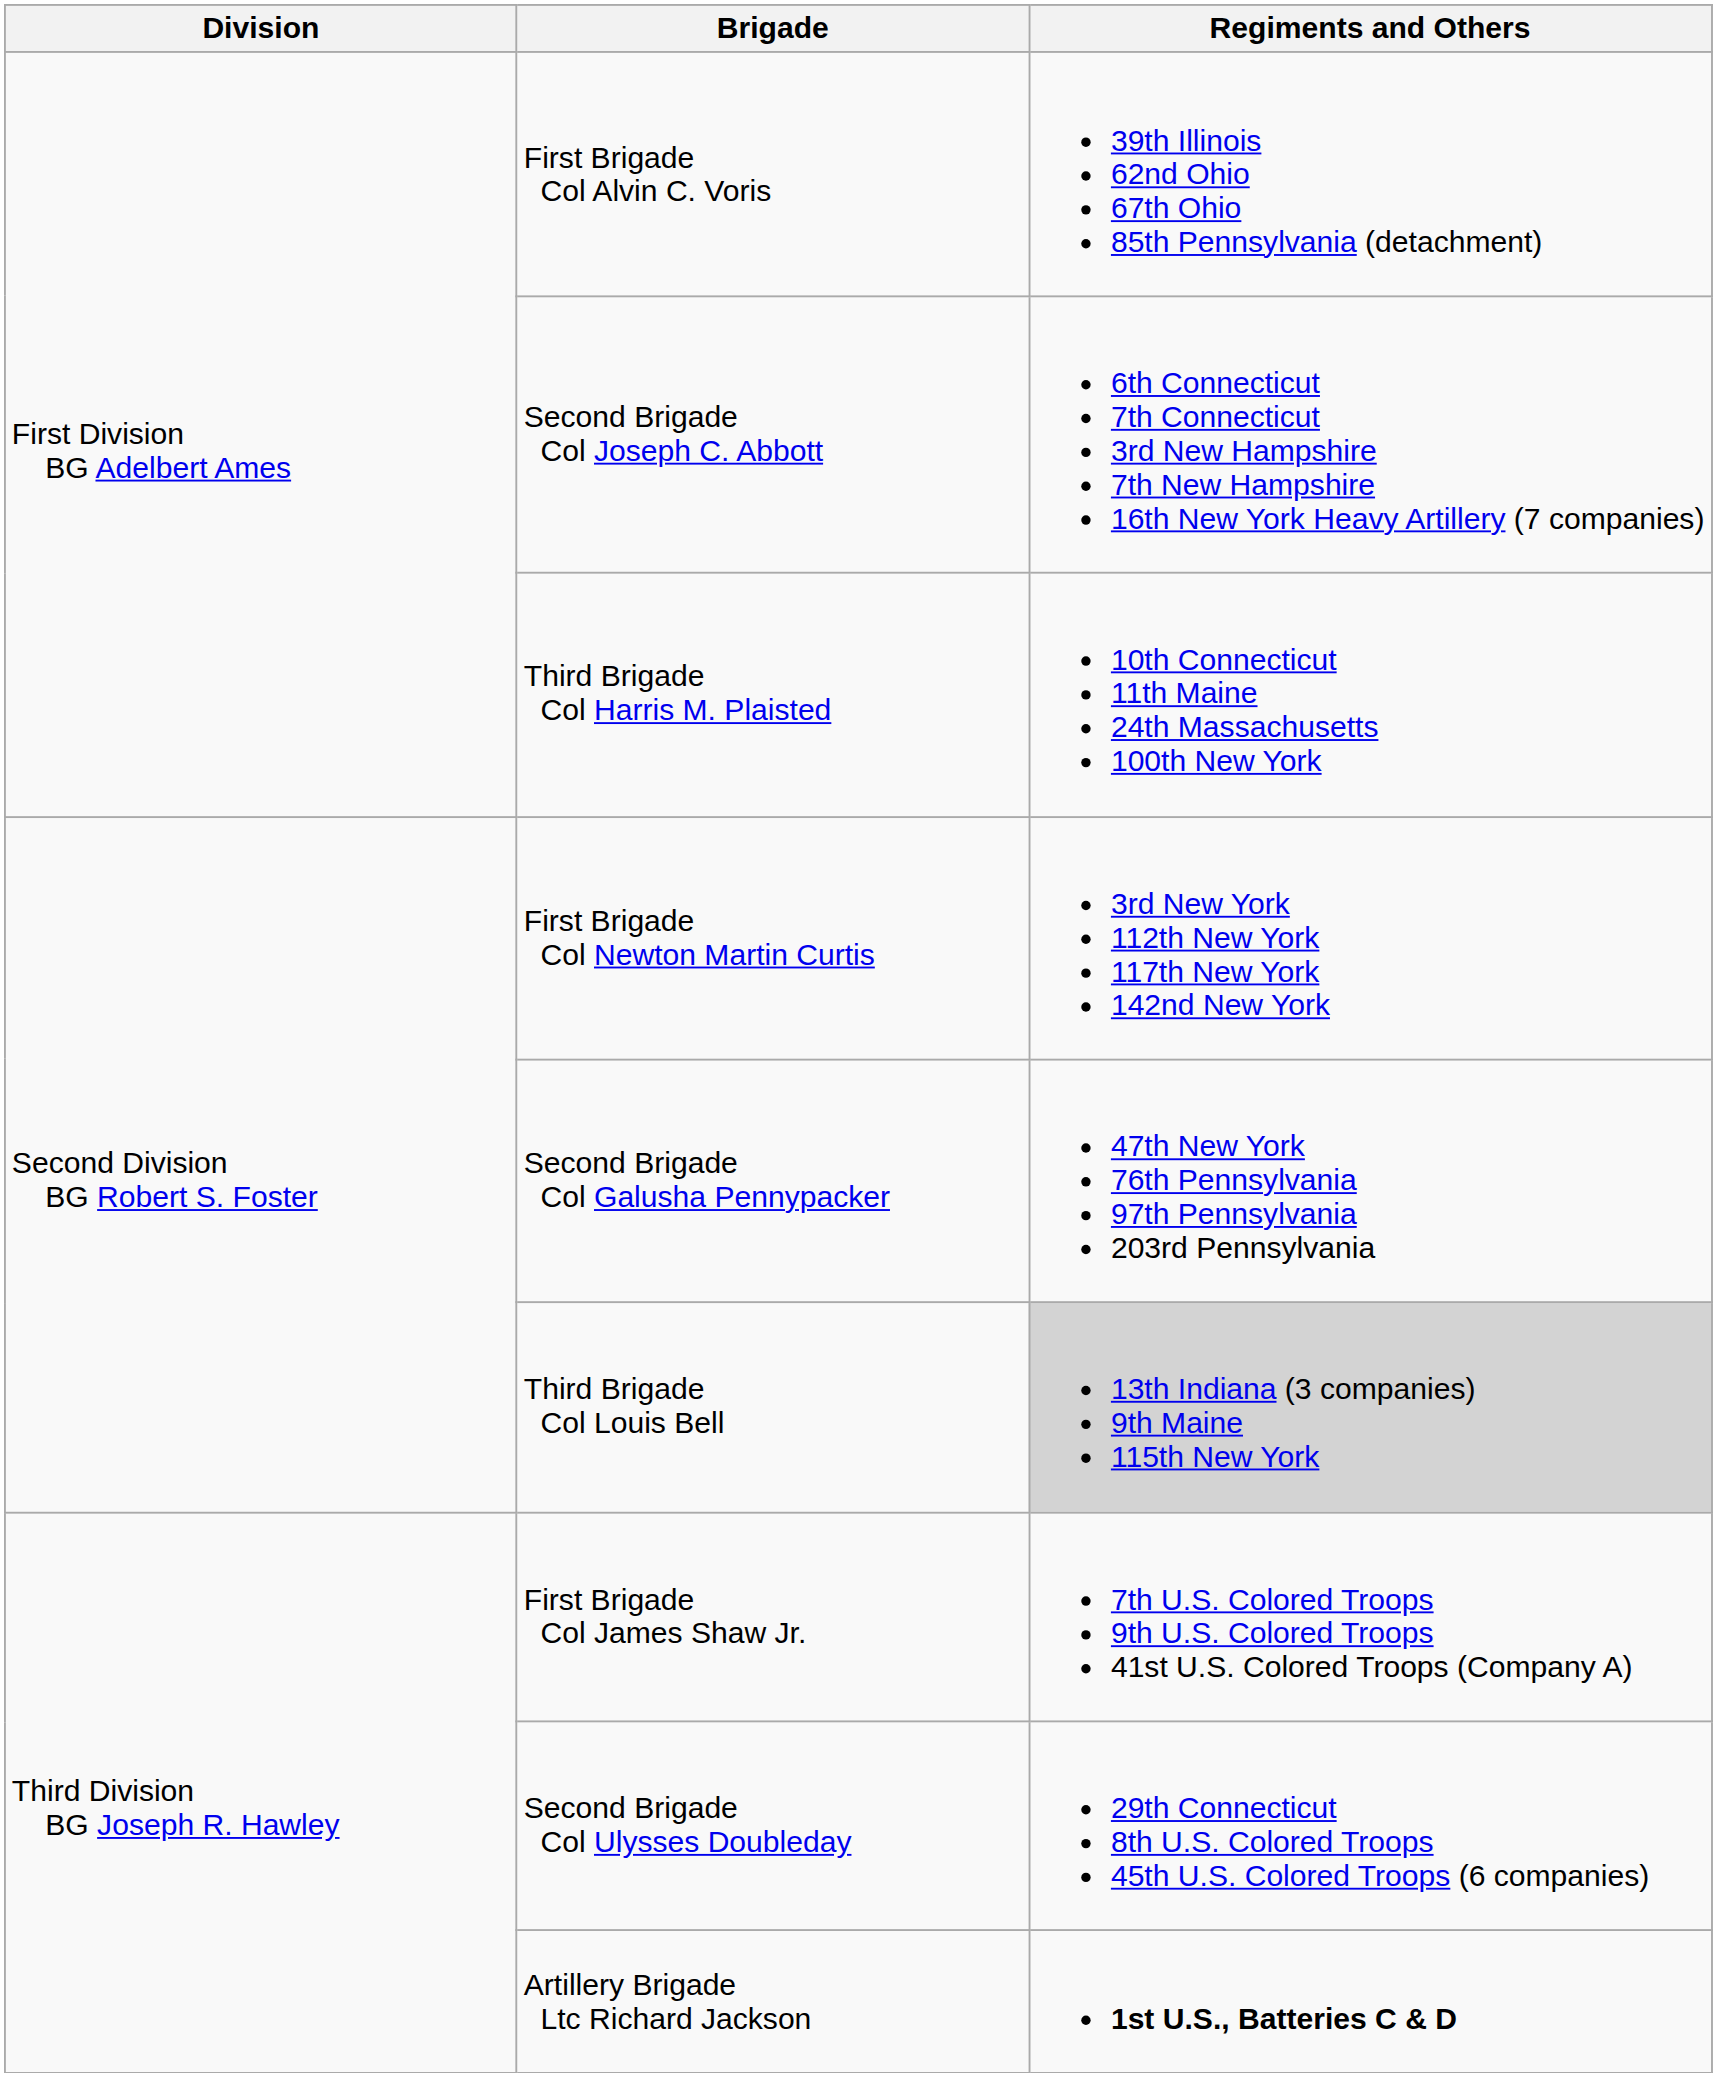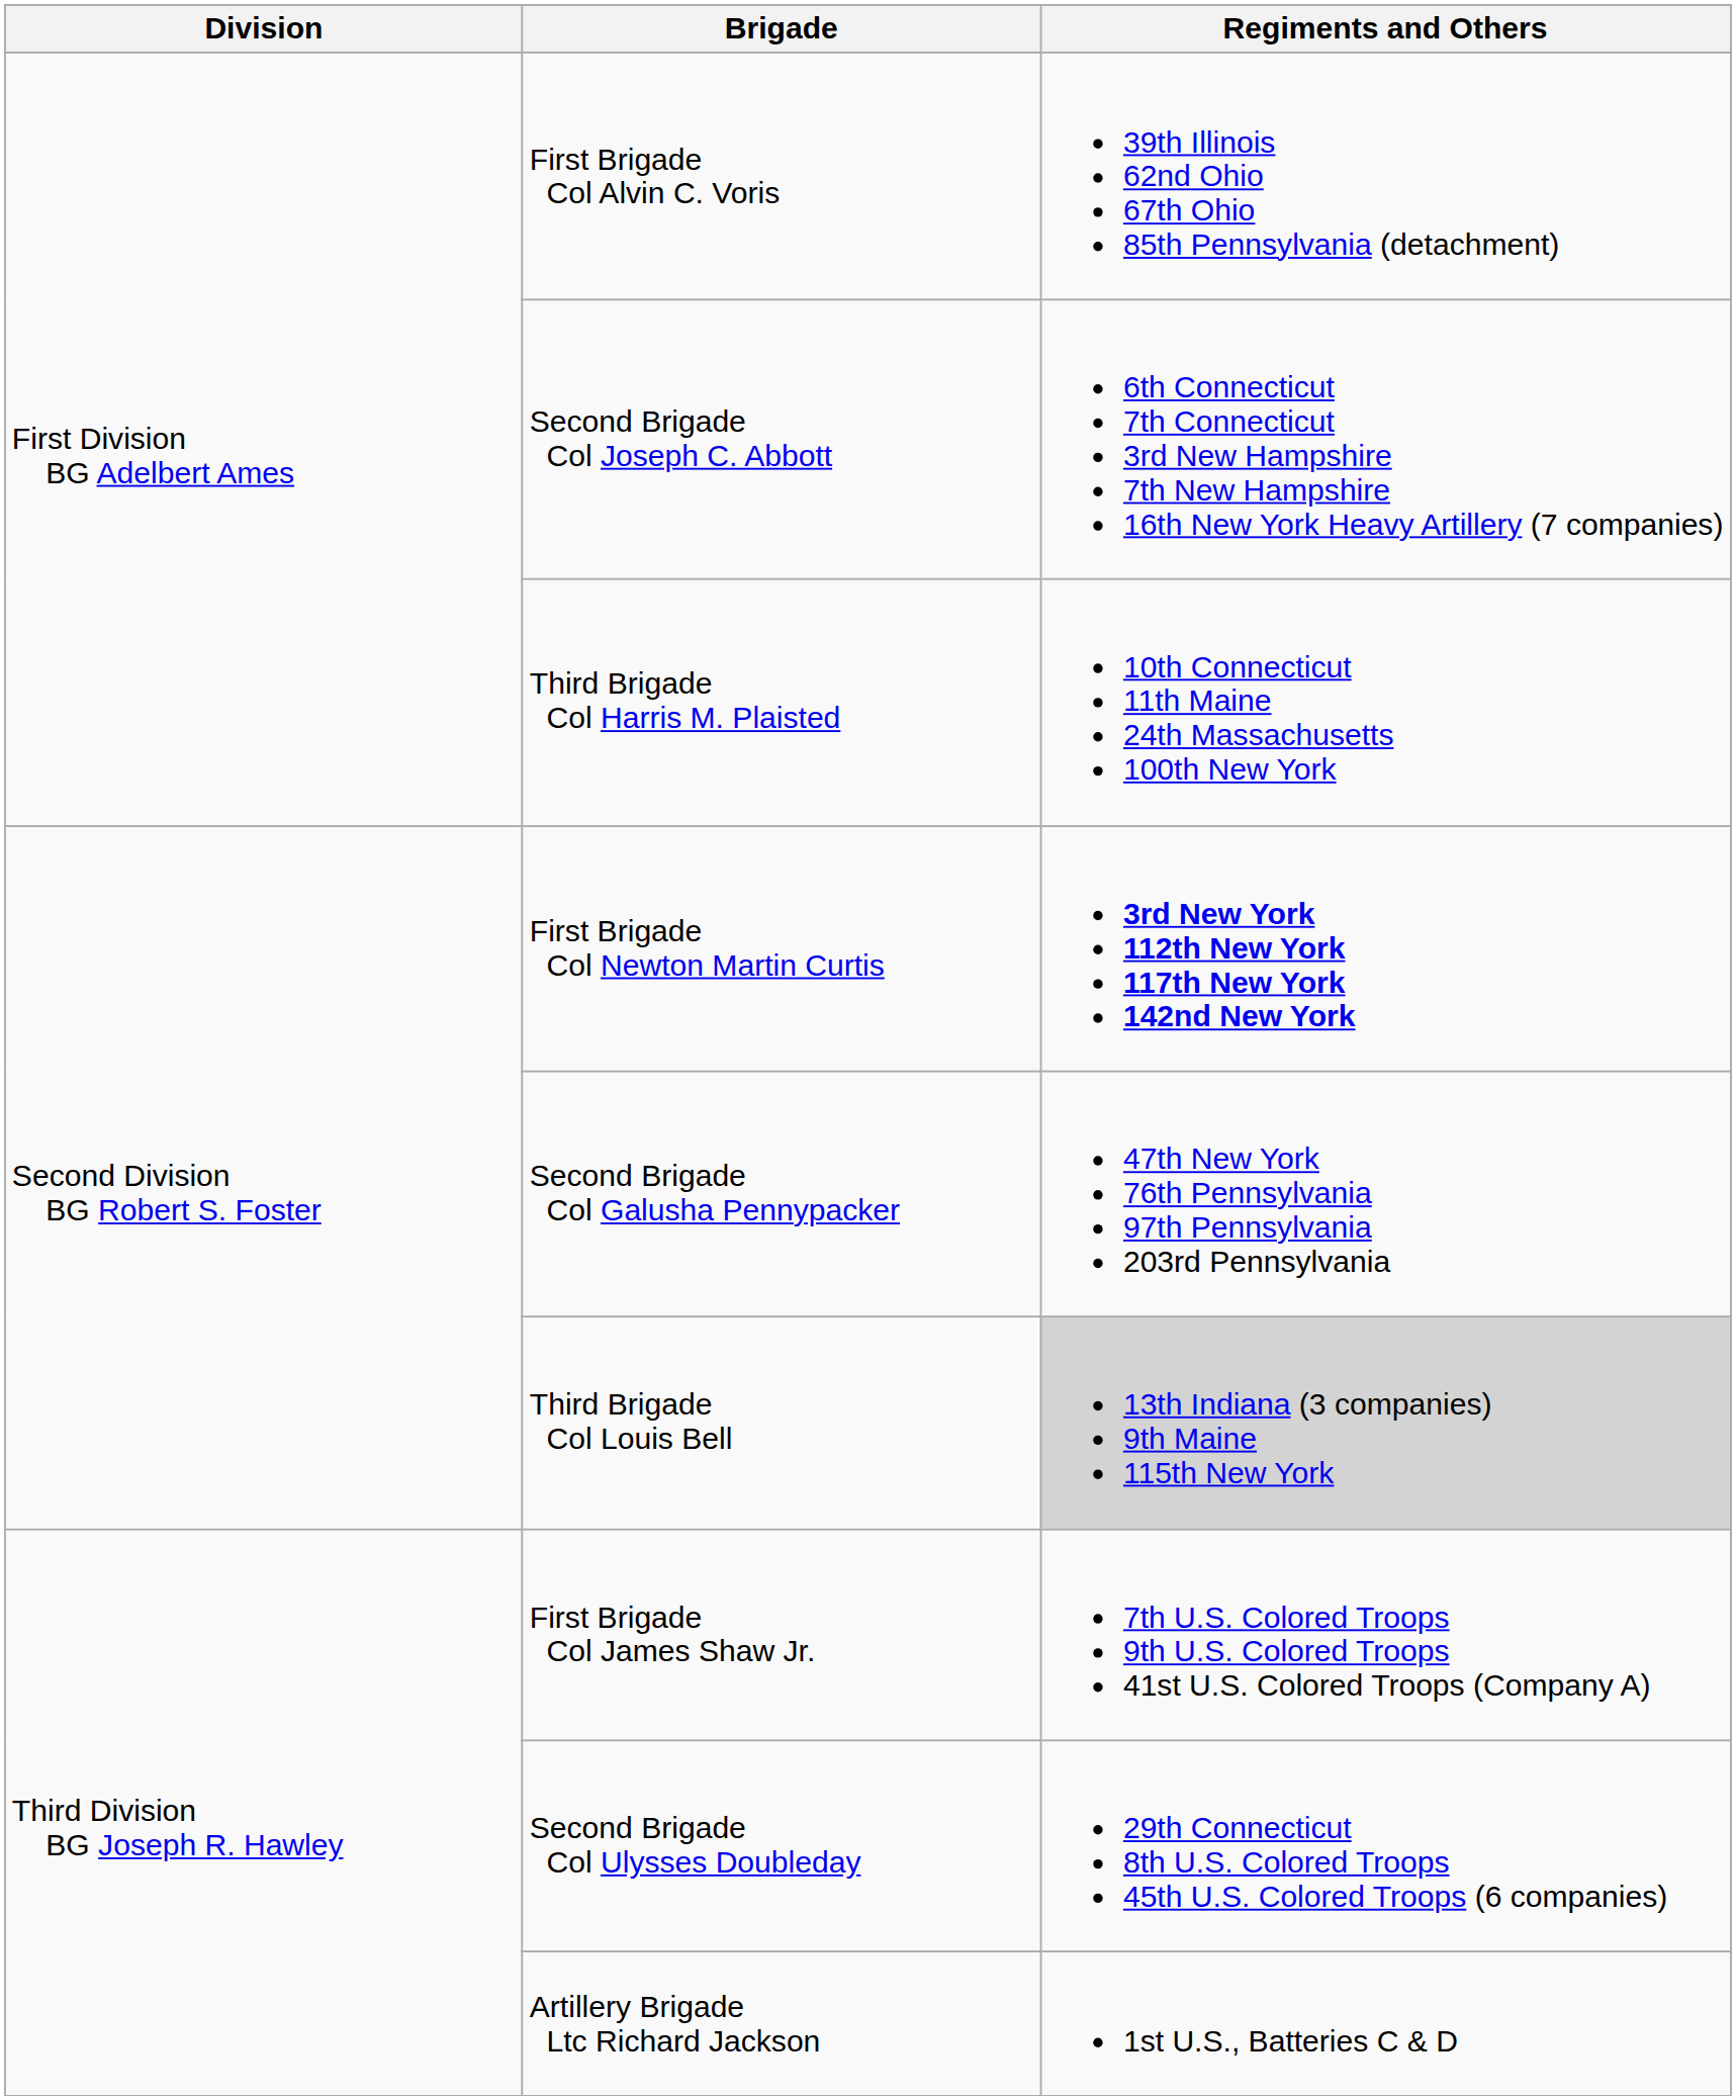 <table class="wikitable">
 <tr>
 <th width=30%>Division</th>
 <th width=30%>Brigade</th>
 <th>Regiments and Others</th>
 </tr>
 <tr>
 <td rowspan = 3><br>First Division <br>    BG <a href='#'>Adelbert Ames</a></td>
 <td>First Brigade<br>  Col Alvin C. Voris</td>
 <td><br><ul><li><a href='#'>39th Illinois</a></li><li><a href='#'>62nd Ohio</a></li><li><a href='#'>67th Ohio</a></li><li><a href='#'>85th Pennsylvania</a> (detachment)</li></ul></td>
 </tr>
 <tr>
 <td>Second Brigade<br>  Col <a href='#'>Joseph C. Abbott</a></td>
 <td><br><ul><li><a href='#'>6th Connecticut</a></li><li><a href='#'>7th Connecticut</a></li><li><a href='#'>3rd New Hampshire</a></li><li><a href='#'>7th New Hampshire</a></li><li><a href='#'>16th New York Heavy Artillery</a> (7 companies)</li></ul></td>
 </tr>
 <tr>
 <td>Third Brigade<br>  Col <a href='#'>Harris M. Plaisted</a></td>
 <td><br><ul><li><a href='#'>10th Connecticut</a></li><li><a href='#'>11th Maine</a></li><li><a href='#'>24th Massachusetts</a></li><li><a href='#'>100th New York</a></li></ul></td>
 </tr>
 <tr>
 <td rowspan=3><br>Second Division <br>    BG <a href='#'>Robert S. Foster</a></td>
 <td>First Brigade<br>  Col <a href='#'>Newton Martin Curtis</a></td>
-<td><br><ul><li><a href='#'>3rd New York</a></li><li><a href='#'>112th New York</a></li><li><a href='#'>117th New York</a></li><li><a href='#'>142nd New York</a></li></ul></td>
+<td><strong><br><ul><li><a href='#'>3rd New York</a></li><li><a href='#'>112th New York</a></li><li><a href='#'>117th New York</a></li><li><a href='#'>142nd New York</a></li></ul></strong></td>
 </tr>
 <tr>
 <td>Second Brigade<br>  Col <a href='#'>Galusha Pennypacker</a></td>
 <td><br><ul><li><a href='#'>47th New York</a></li><li><a href='#'>76th Pennsylvania</a></li><li><a href='#'>97th Pennsylvania</a></li><li>203rd Pennsylvania</li></ul></td>
 </tr>
 <tr>
 <td>Third Brigade<br>  Col Louis Bell</td>
 <td style="background: lightgrey;"><br><ul><li><a href='#'>13th Indiana</a> (3 companies)</li><li><a href='#'>9th Maine</a></li><li><a href='#'>115th New York</a></li></ul></td>
 </tr>
 <tr>
 <td rowspan=3><br>Third Division <br>    BG <a href='#'>Joseph R. Hawley</a></td>
 <td>First Brigade<br>  Col James Shaw Jr.</td>
 <td><br><ul><li><a href='#'>7th U.S. Colored Troops</a></li><li><a href='#'>9th U.S. Colored Troops</a></li><li>41st U.S. Colored Troops (Company A)</li></ul></td>
 </tr>
 <tr>
 <td>Second Brigade<br>  Col <a href='#'>Ulysses Doubleday</a></td>
 <td><br><ul><li><a href='#'>29th Connecticut</a></li><li><a href='#'>8th U.S. Colored Troops</a></li><li><a href='#'>45th U.S. Colored Troops</a> (6 companies)</li></ul></td>
 </tr>
 <tr>
 <td>Artillery Brigade<br>  Ltc Richard Jackson</td>
-<td><strong><br><ul><li>1st U.S., Batteries C & D</li></ul></strong></td>
+<td><br><ul><li>1st U.S., Batteries C & D</li></ul></td>
 </tr>
 </table>
